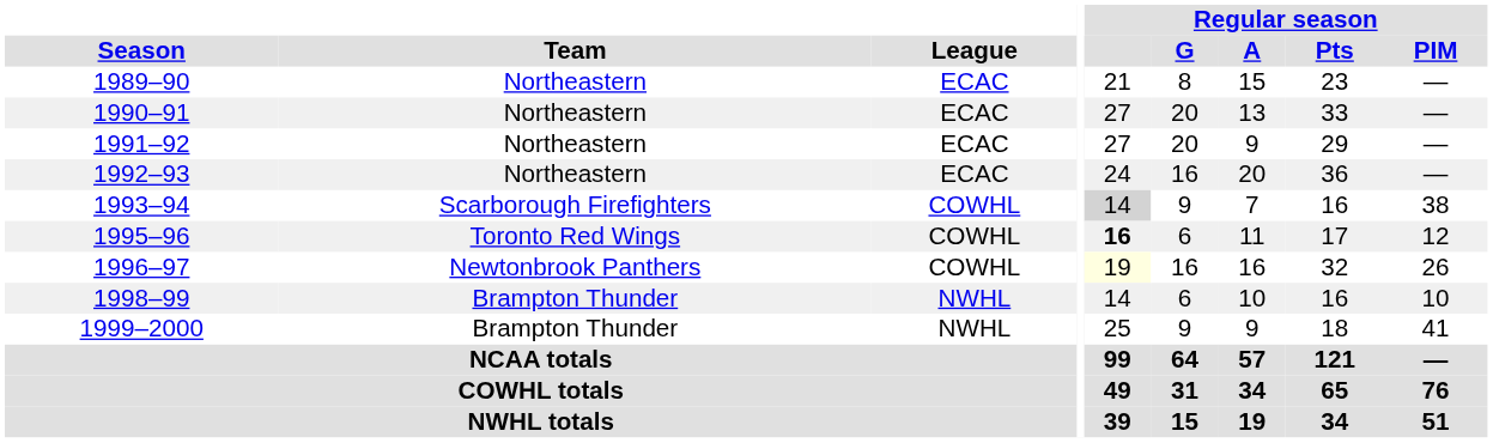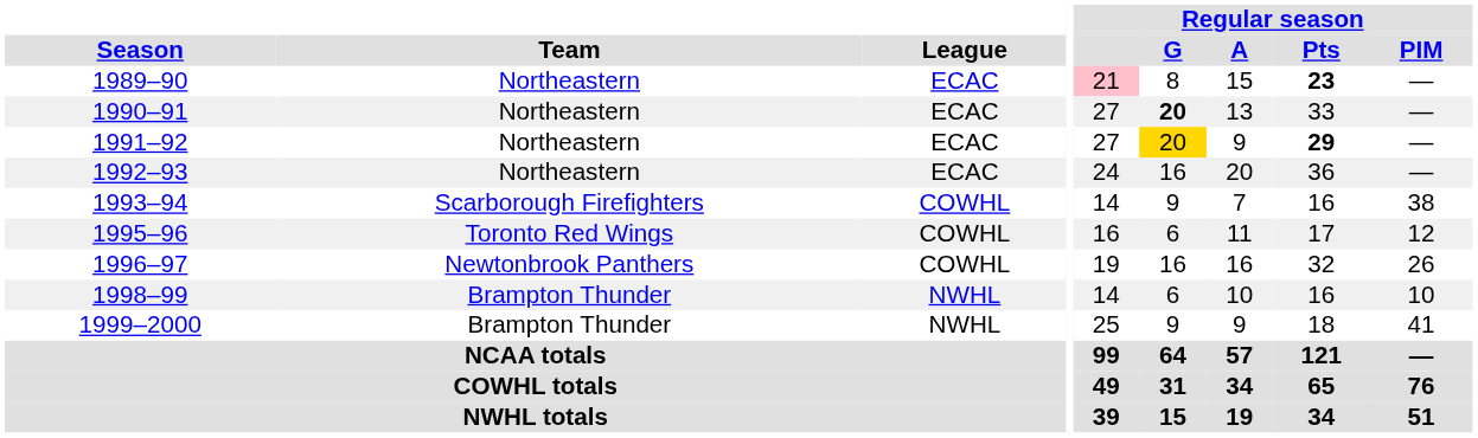 <table border="0" cellpadding="1" cellspacing="0" style="text-align:center; width:60em">
 <tr bgcolor="#e0e0e0">
 <th colspan="3" bgcolor="#ffffff"></th>
 <th rowspan="99" bgcolor="#ffffff"></th>
 <th colspan="5"><a href='#'>Regular season</a></th>
 </tr>
 <tr bgcolor="#e0e0e0">
 <th><a href='#'>Season</a></th>
 <th>Team</th>
 <th>League</th>
 <th></th>
 <th><a href='#'>G</a></th>
 <th><a href='#'>A</a></th>
 <th><a href='#'>Pts</a></th>
 <th><a href='#'>PIM</a></th>
 </tr>
 <tr>
 <td><a href='#'>1989–90</a></td>
 <td><a href='#'>Northeastern</a></td>
 <td><a href='#'>ECAC</a></td>
-<td>21</td>
+<td style="background: pink;">21</td>
 <td>8</td>
 <td>15</td>
-<td>23</td>
+<td><strong>23</strong></td>
 <td>—</td>
 </tr>
 <tr bgcolor="#f0f0f0">
 <td><a href='#'>1990–91</a></td>
 <td>Northeastern</td>
 <td>ECAC</td>
 <td>27</td>
-<td>20</td>
+<td><strong>20</strong></td>
 <td>13</td>
 <td>33</td>
 <td>—</td>
 </tr>
 <tr>
 <td><a href='#'>1991–92</a></td>
 <td>Northeastern</td>
 <td>ECAC</td>
 <td>27</td>
-<td>20</td>
+<td style="background: gold;">20</td>
 <td>9</td>
-<td>29</td>
+<td><strong>29</strong></td>
 <td>—</td>
 </tr>
 <tr bgcolor="#f0f0f0">
 <td><a href='#'>1992–93</a></td>
 <td>Northeastern</td>
 <td>ECAC</td>
 <td>24</td>
 <td>16</td>
 <td>20</td>
 <td>36</td>
 <td>—</td>
 </tr>
 <tr>
 <td><a href='#'>1993–94</a></td>
 <td><a href='#'>Scarborough Firefighters</a></td>
 <td><a href='#'>COWHL</a></td>
-<td style="background: lightgrey;">14</td>
+<td>14</td>
 <td>9</td>
 <td>7</td>
 <td>16</td>
 <td>38</td>
 </tr>
 <tr bgcolor="#f0f0f0">
 <td><a href='#'>1995–96</a></td>
 <td><a href='#'>Toronto Red Wings</a></td>
 <td>COWHL</td>
-<td><strong>16</strong></td>
+<td>16</td>
 <td>6</td>
 <td>11</td>
 <td>17</td>
 <td>12</td>
 </tr>
 <tr>
 <td><a href='#'>1996–97</a></td>
 <td><a href='#'>Newtonbrook Panthers</a></td>
 <td>COWHL</td>
-<td style="background: lightyellow;">19</td>
+<td>19</td>
 <td>16</td>
 <td>16</td>
 <td>32</td>
 <td>26</td>
 </tr>
 <tr bgcolor="#f0f0f0">
 <td><a href='#'>1998–99</a></td>
 <td><a href='#'>Brampton Thunder</a></td>
 <td><a href='#'>NWHL</a></td>
 <td>14</td>
 <td>6</td>
 <td>10</td>
 <td>16</td>
 <td>10</td>
 </tr>
 <tr>
 <td><a href='#'>1999–2000</a></td>
 <td>Brampton Thunder</td>
 <td>NWHL</td>
 <td>25</td>
 <td>9</td>
 <td>9</td>
 <td>18</td>
 <td>41</td>
 </tr>
 <tr bgcolor="#e0e0e0">
 <th colspan=3>NCAA totals</th>
 <th>99</th>
 <th>64</th>
 <th>57</th>
 <th>121</th>
 <th>—</th>
 </tr>
 <tr bgcolor="#e0e0e0">
 <th colspan=3>COWHL totals</th>
 <th>49</th>
 <th>31</th>
 <th>34</th>
 <th>65</th>
 <th>76</th>
 </tr>
 <tr bgcolor="#e0e0e0">
 <th colspan=3>NWHL totals</th>
 <th>39</th>
 <th>15</th>
 <th>19</th>
 <th>34</th>
 <th>51</th>
 </tr>
 </table>
